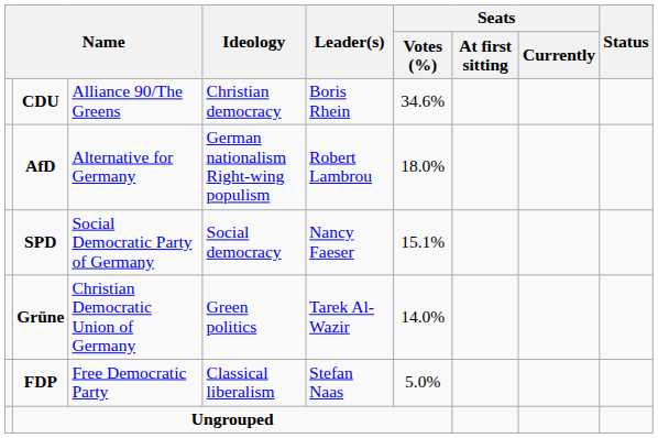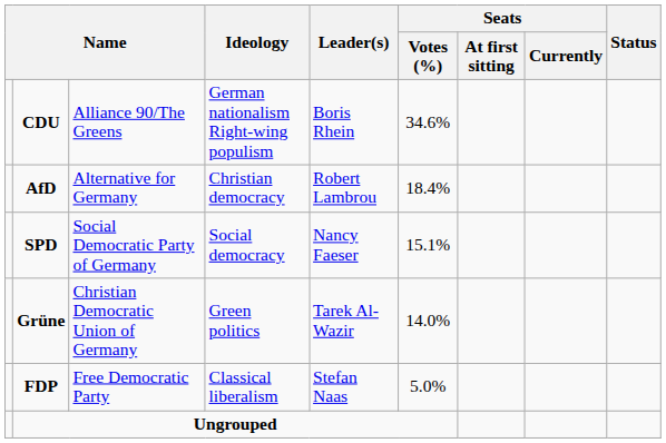 <table class="wikitable">
 <tr>
 <th colspan="3" rowspan="2">Name</th>
 <th rowspan="2">Ideology</th>
 <th rowspan="2">Leader(s)</th>
 <th colspan="3">Seats</th>
 <th rowspan="2">Status</th>
 </tr>
 <tr>
 <th>Votes (%)</th>
 <th>At first sitting</th>
 <th>Currently</th>
 </tr>
 <tr>
 <td></td>
 <td align="center"><strong>CDU</strong></td>
 <td><a href='#'>Alliance 90/The Greens</a><br></td>
-<td><a href='#'>Christian democracy</a></td>
+<td><a href='#'>German nationalism</a><br><a href='#'>Right-wing populism</a></td>
 <td><a href='#'>Boris Rhein</a></td>
 <td align="center">34.6%</td>
 <td></td>
 <td></td>
 <td></td>
 </tr>
 <tr>
 <td></td>
 <td align="center"><strong>AfD</strong></td>
 <td><a href='#'>Alternative for Germany</a><br></td>
-<td><a href='#'>German nationalism</a><br><a href='#'>Right-wing populism</a></td>
+<td><a href='#'>Christian democracy</a></td>
 <td><a href='#'>Robert Lambrou</a></td>
-<td align="center">18.0%</td>
+<td align="center">18.4%</td>
 <td></td>
 <td></td>
 <td></td>
 </tr>
 <tr>
 <td></td>
 <td align="center"><strong>SPD</strong></td>
 <td><a href='#'>Social Democratic Party of Germany</a><br></td>
 <td><a href='#'>Social democracy</a></td>
 <td><a href='#'>Nancy Faeser</a></td>
 <td align="center">15.1%</td>
 <td></td>
 <td></td>
 <td></td>
 </tr>
 <tr>
 <td></td>
 <td align="center"><strong>Grüne</strong></td>
 <td><a href='#'>Christian Democratic Union of Germany</a><br></td>
 <td><a href='#'>Green politics</a></td>
 <td><a href='#'>Tarek Al-Wazir</a></td>
 <td align="center">14.0%</td>
 <td></td>
 <td></td>
 <td></td>
 </tr>
 <tr>
 <td></td>
 <td align="center"><strong>FDP</strong></td>
 <td><a href='#'>Free Democratic Party</a><br></td>
 <td><a href='#'>Classical liberalism</a></td>
 <td><a href='#'>Stefan Naas</a></td>
 <td align="center">5.0%</td>
 <td></td>
 <td></td>
 <td></td>
 </tr>
 <tr>
 <td></td>
 <td colspan="5" align="center"><strong>Ungrouped</strong></td>
 <td></td>
 <td></td>
 <td></td>
 </tr>
 </table>
